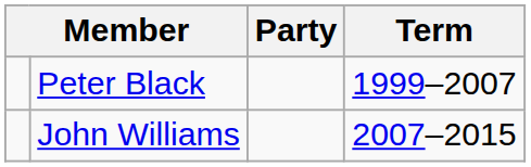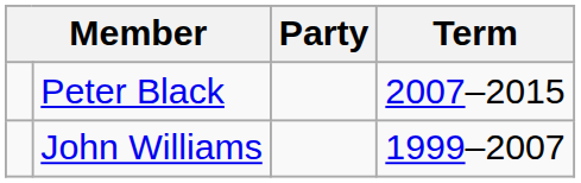 <table class="wikitable">
 <tr>
 <th colspan="2">Member</th>
 <th>Party</th>
 <th>Term</th>
 </tr>
 <tr>
 <td> </td>
 <td><a href='#'>Peter Black</a></td>
 <td></td>
-<td><a href='#'>1999</a>–2007</td>
+<td><a href='#'>2007</a>–2015</td>
 </tr>
 <tr>
 <td> </td>
 <td><a href='#'>John Williams</a></td>
 <td></td>
-<td><a href='#'>2007</a>–2015</td>
+<td><a href='#'>1999</a>–2007</td>
 </tr>
 </table>
